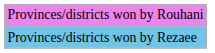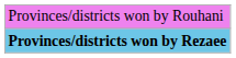 <table class="wikitable">
 <tr style="background:violet;">
 <td>Provinces/districts won by Rouhani</td>
 </tr>
 <tr style="background:#6DC6E7;">
-<td>Provinces/districts won by Rezaee</td>
+<td><strong>Provinces/districts won by Rezaee</strong></td>
 </tr>
 </table>
